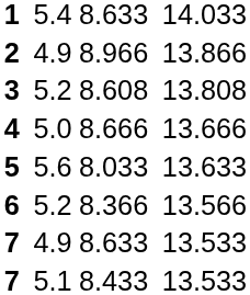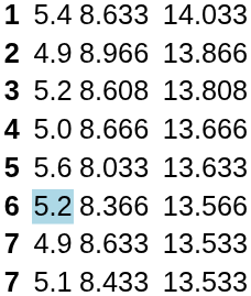 <table>
 <tr>
 <th scope=row style="text-align:center">1</th>
 <td align=left></td>
 <td>5.4</td>
 <td>8.633</td>
 <td></td>
 <td>14.033</td>
 </tr>
 <tr>
 <th scope=row style="text-align:center">2</th>
 <td align=left></td>
 <td>4.9</td>
 <td>8.966</td>
 <td></td>
 <td>13.866</td>
 </tr>
 <tr>
 <th scope=row style="text-align:center">3</th>
 <td align=left></td>
 <td>5.2</td>
 <td>8.608</td>
 <td></td>
 <td>13.808</td>
 </tr>
 <tr>
 <th scope=row style="text-align:center">4</th>
 <td align=left></td>
 <td>5.0</td>
 <td>8.666</td>
 <td></td>
 <td>13.666</td>
 </tr>
 <tr>
 <th scope=row style="text-align:center">5</th>
 <td align=left></td>
 <td>5.6</td>
 <td>8.033</td>
 <td></td>
 <td>13.633</td>
 </tr>
 <tr>
 <th scope=row style="text-align:center">6</th>
 <td align=left></td>
-<td>5.2</td>
+<td style="background: lightblue;">5.2</td>
 <td>8.366</td>
 <td></td>
 <td>13.566</td>
 </tr>
 <tr>
 <th scope=row style="text-align:center">7</th>
 <td align=left></td>
 <td>4.9</td>
 <td>8.633</td>
 <td></td>
 <td>13.533</td>
 </tr>
 <tr>
 <th scope=row style="text-align:center">7</th>
 <td align=left></td>
 <td>5.1</td>
 <td>8.433</td>
 <td></td>
 <td>13.533</td>
 </tr>
 <tr>
 </tr>
 </table>
